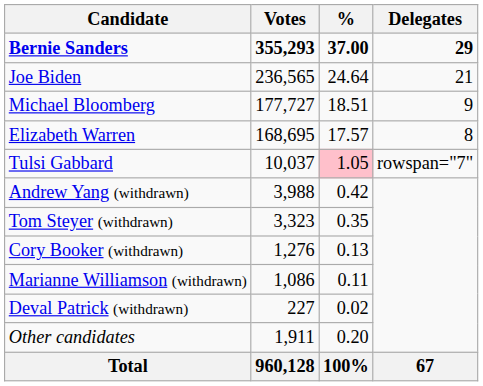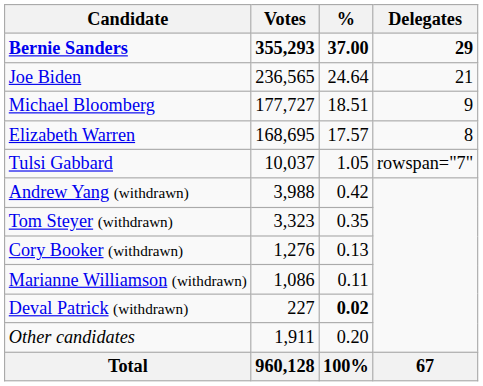 <table class="wikitable sortable" style="text-align:right;">
 <tr>
 <th>Candidate</th>
 <th>Votes</th>
 <th>%</th>
 <th>Delegates</th>
 </tr>
 <tr>
 <td style="text-align:left" data-sort-value="Sanders, Bernie"><strong><a href='#'>Bernie Sanders</a></strong></td>
 <td><strong>355,293</strong></td>
 <td><strong>37.00</strong></td>
 <td><strong>29</strong></td>
 </tr>
 <tr>
 <td style="text-align:left" data-sort-value="Biden, Joe"><a href='#'>Joe Biden</a></td>
 <td>236,565</td>
 <td>24.64</td>
 <td>21</td>
 </tr>
 <tr>
 <td style="text-align:left" data-sort-value="Bloomberg, Michael"><a href='#'>Michael Bloomberg</a></td>
 <td>177,727</td>
 <td>18.51</td>
 <td>9</td>
 </tr>
 <tr>
 <td style="text-align:left" data-sort-value="Warren, Elizabeth"><a href='#'>Elizabeth Warren</a></td>
 <td>168,695</td>
 <td>17.57</td>
 <td>8</td>
 </tr>
 <tr>
 <td style="text-align:left" data-sort-value="Gabbard, Tulsi"><a href='#'>Tulsi Gabbard</a></td>
 <td>10,037</td>
-<td style="background: pink;">1.05</td>
+<td>1.05</td>
 <td>rowspan="7" </td>
 </tr>
 <tr>
 <td style="text-align:left" data-sort-value="Yang, Andrew"><a href='#'>Andrew Yang</a> <small>(withdrawn)</small></td>
 <td>3,988</td>
 <td>0.42</td>
 </tr>
 <tr>
 <td style="text-align:left" data-sort-value="Steyer, Tom"><a href='#'>Tom Steyer</a> <small>(withdrawn)</small></td>
 <td>3,323</td>
 <td>0.35</td>
 </tr>
 <tr>
 <td style="text-align:left" data-sort-value="Booker, Cory"><a href='#'>Cory Booker</a> <small>(withdrawn)</small></td>
 <td>1,276</td>
 <td>0.13</td>
 </tr>
 <tr>
 <td style="text-align:left" data-sort-value="Williamson, Marianne"><a href='#'>Marianne Williamson</a> <small>(withdrawn)</small></td>
 <td>1,086</td>
 <td>0.11</td>
 </tr>
 <tr>
 <td style="text-align:left" data-sort-value="Patrick, Deval"><a href='#'>Deval Patrick</a> <small>(withdrawn)</small></td>
 <td>227</td>
-<td>0.02</td>
+<td><strong>0.02</strong></td>
 </tr>
 <tr>
 <td style="text-align:left" data-sort-value="ZZ"><em>Other candidates</em></td>
 <td>1,911</td>
 <td>0.20</td>
 </tr>
 <tr>
 <th>Total</th>
 <th>960,128</th>
 <th>100%</th>
 <th>67</th>
 </tr>
 </table>
